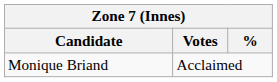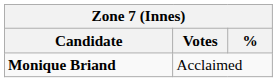 <table class="wikitable">
 <tr>
 <th colspan="3">Zone 7 (Innes)</th>
 </tr>
 <tr>
 <th style="width: 170px">Candidate</th>
 <th style="width: 50px">Votes</th>
 <th style="width: 40px">%</th>
 </tr>
 <tr>
-<td>Monique Briand</td>
+<td><strong>Monique Briand</strong></td>
 <td colspan="2">Acclaimed</td>
 </tr>
 </table>
